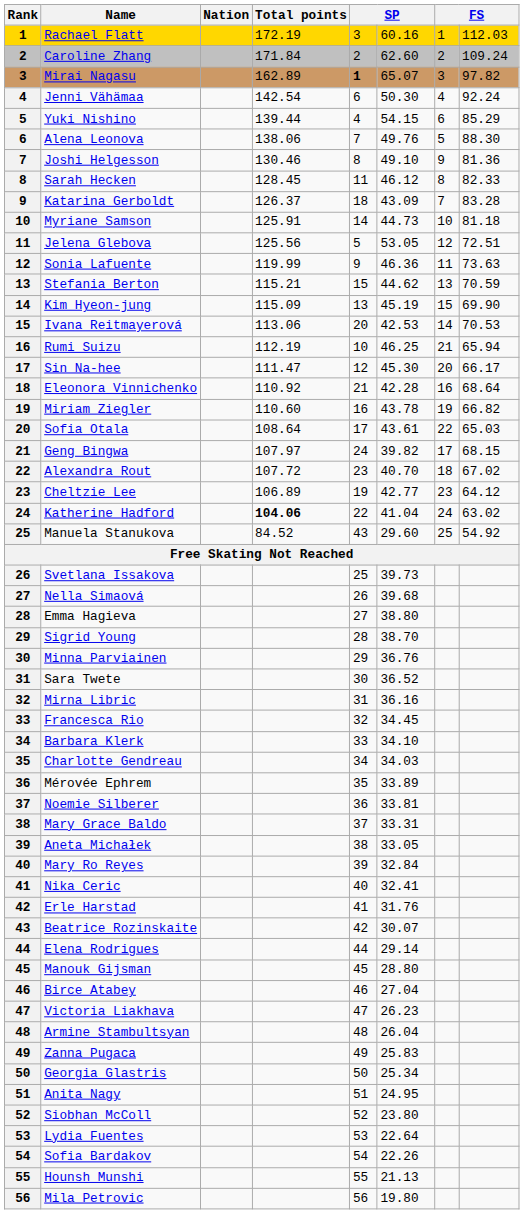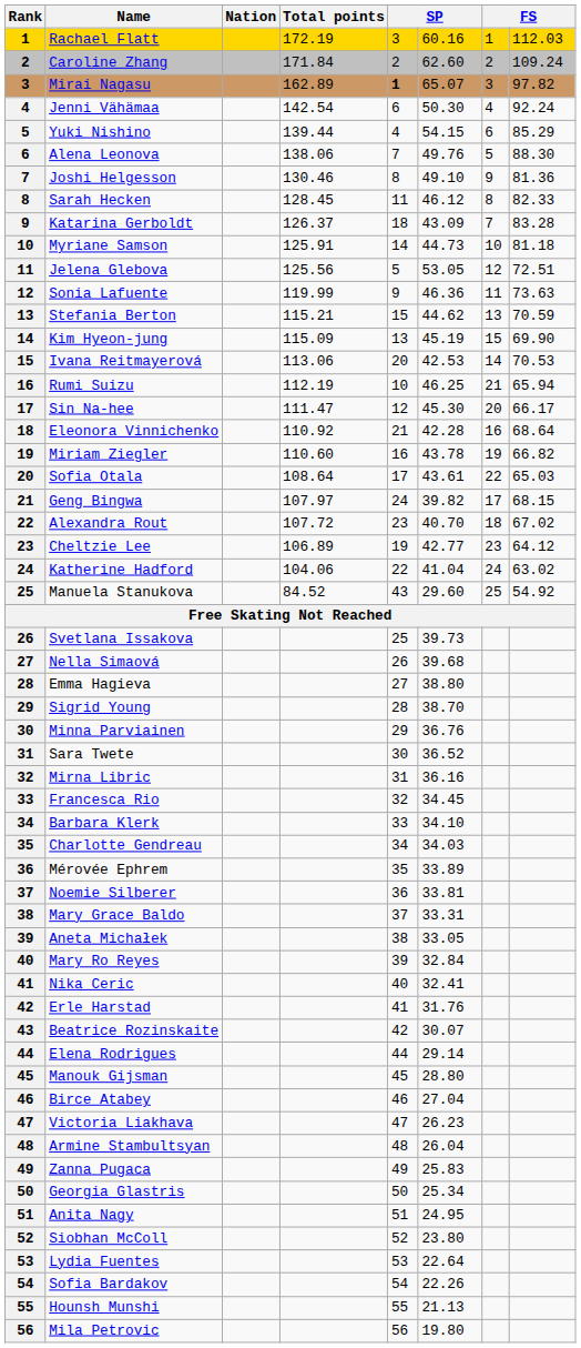 <table class="wikitable">
 <tr>
 <th>Rank</th>
 <th>Name</th>
 <th>Nation</th>
 <th>Total points</th>
 <th colspan="2" width="80px"><a href='#'>SP</a></th>
 <th colspan="2" width="80px"><a href='#'>FS</a></th>
 </tr>
 <tr bgcolor=gold>
 <td align=center><strong>1</strong></td>
 <td><a href='#'>Rachael Flatt</a></td>
 <td></td>
 <td>172.19</td>
 <td>3</td>
 <td>60.16</td>
 <td>1</td>
 <td>112.03</td>
 </tr>
 <tr bgcolor=silver>
 <td align=center><strong>2</strong></td>
 <td><a href='#'>Caroline Zhang</a></td>
 <td></td>
 <td>171.84</td>
 <td>2</td>
 <td>62.60</td>
 <td>2</td>
 <td>109.24</td>
 </tr>
 <tr bgcolor=cc9966>
 <td align=center><strong>3</strong></td>
 <td><a href='#'>Mirai Nagasu</a></td>
 <td></td>
 <td>162.89</td>
 <td><strong>1</strong></td>
 <td>65.07</td>
 <td>3</td>
 <td>97.82</td>
 </tr>
 <tr>
 <th>4</th>
 <td><a href='#'>Jenni Vähämaa</a></td>
 <td></td>
 <td>142.54</td>
 <td>6</td>
 <td>50.30</td>
 <td>4</td>
 <td>92.24</td>
 </tr>
 <tr>
 <th>5</th>
 <td><a href='#'>Yuki Nishino</a></td>
 <td></td>
 <td>139.44</td>
 <td>4</td>
 <td>54.15</td>
 <td>6</td>
 <td>85.29</td>
 </tr>
 <tr>
 <th>6</th>
 <td><a href='#'>Alena Leonova</a></td>
 <td></td>
 <td>138.06</td>
 <td>7</td>
 <td>49.76</td>
 <td>5</td>
 <td>88.30</td>
 </tr>
 <tr>
 <th>7</th>
 <td><a href='#'>Joshi Helgesson</a></td>
 <td></td>
 <td>130.46</td>
 <td>8</td>
 <td>49.10</td>
 <td>9</td>
 <td>81.36</td>
 </tr>
 <tr>
 <th>8</th>
 <td><a href='#'>Sarah Hecken</a></td>
 <td></td>
 <td>128.45</td>
 <td>11</td>
 <td>46.12</td>
 <td>8</td>
 <td>82.33</td>
 </tr>
 <tr>
 <th>9</th>
 <td><a href='#'>Katarina Gerboldt</a></td>
 <td></td>
 <td>126.37</td>
 <td>18</td>
 <td>43.09</td>
 <td>7</td>
 <td>83.28</td>
 </tr>
 <tr>
 <th>10</th>
 <td><a href='#'>Myriane Samson</a></td>
 <td></td>
 <td>125.91</td>
 <td>14</td>
 <td>44.73</td>
 <td>10</td>
 <td>81.18</td>
 </tr>
 <tr>
 <th>11</th>
 <td><a href='#'>Jelena Glebova</a></td>
 <td></td>
 <td>125.56</td>
 <td>5</td>
 <td>53.05</td>
 <td>12</td>
 <td>72.51</td>
 </tr>
 <tr>
 <th>12</th>
 <td><a href='#'>Sonia Lafuente</a></td>
 <td></td>
 <td>119.99</td>
 <td>9</td>
 <td>46.36</td>
 <td>11</td>
 <td>73.63</td>
 </tr>
 <tr>
 <th>13</th>
 <td><a href='#'>Stefania Berton</a></td>
 <td></td>
 <td>115.21</td>
 <td>15</td>
 <td>44.62</td>
 <td>13</td>
 <td>70.59</td>
 </tr>
 <tr>
 <th>14</th>
 <td><a href='#'>Kim Hyeon-jung</a></td>
 <td></td>
 <td>115.09</td>
 <td>13</td>
 <td>45.19</td>
 <td>15</td>
 <td>69.90</td>
 </tr>
 <tr>
 <th>15</th>
 <td><a href='#'>Ivana Reitmayerová</a></td>
 <td></td>
 <td>113.06</td>
 <td>20</td>
 <td>42.53</td>
 <td>14</td>
 <td>70.53</td>
 </tr>
 <tr>
 <th>16</th>
 <td><a href='#'>Rumi Suizu</a></td>
 <td></td>
 <td>112.19</td>
 <td>10</td>
 <td>46.25</td>
 <td>21</td>
 <td>65.94</td>
 </tr>
 <tr>
 <th>17</th>
 <td><a href='#'>Sin Na-hee</a></td>
 <td></td>
 <td>111.47</td>
 <td>12</td>
 <td>45.30</td>
 <td>20</td>
 <td>66.17</td>
 </tr>
 <tr>
 <th>18</th>
 <td><a href='#'>Eleonora Vinnichenko</a></td>
 <td></td>
 <td>110.92</td>
 <td>21</td>
 <td>42.28</td>
 <td>16</td>
 <td>68.64</td>
 </tr>
 <tr>
 <th>19</th>
 <td><a href='#'>Miriam Ziegler</a></td>
 <td></td>
 <td>110.60</td>
 <td>16</td>
 <td>43.78</td>
 <td>19</td>
 <td>66.82</td>
 </tr>
 <tr>
 <th>20</th>
 <td><a href='#'>Sofia Otala</a></td>
 <td></td>
 <td>108.64</td>
 <td>17</td>
 <td>43.61</td>
 <td>22</td>
 <td>65.03</td>
 </tr>
 <tr>
 <th>21</th>
 <td><a href='#'>Geng Bingwa</a></td>
 <td></td>
 <td>107.97</td>
 <td>24</td>
 <td>39.82</td>
 <td>17</td>
 <td>68.15</td>
 </tr>
 <tr>
 <th>22</th>
 <td><a href='#'>Alexandra Rout</a></td>
 <td></td>
 <td>107.72</td>
 <td>23</td>
 <td>40.70</td>
 <td>18</td>
 <td>67.02</td>
 </tr>
 <tr>
 <th>23</th>
 <td><a href='#'>Cheltzie Lee</a></td>
 <td></td>
 <td>106.89</td>
 <td>19</td>
 <td>42.77</td>
 <td>23</td>
 <td>64.12</td>
 </tr>
 <tr>
 <th>24</th>
 <td><a href='#'>Katherine Hadford</a></td>
 <td></td>
-<td><strong>104.06</strong></td>
+<td>104.06</td>
 <td>22</td>
 <td>41.04</td>
 <td>24</td>
 <td>63.02</td>
 </tr>
 <tr>
 <th>25</th>
 <td>Manuela Stanukova</td>
 <td></td>
 <td>84.52</td>
 <td>43</td>
 <td>29.60</td>
 <td>25</td>
 <td>54.92</td>
 </tr>
 <tr>
 <th colspan=8>Free Skating Not Reached</th>
 </tr>
 <tr>
 <th>26</th>
 <td><a href='#'>Svetlana Issakova</a></td>
 <td></td>
 <td></td>
 <td>25</td>
 <td>39.73</td>
 <td></td>
 <td></td>
 </tr>
 <tr>
 <th>27</th>
 <td><a href='#'>Nella Simaová</a></td>
 <td></td>
 <td></td>
 <td>26</td>
 <td>39.68</td>
 <td></td>
 <td></td>
 </tr>
 <tr>
 <th>28</th>
 <td>Emma Hagieva</td>
 <td></td>
 <td></td>
 <td>27</td>
 <td>38.80</td>
 <td></td>
 <td></td>
 </tr>
 <tr>
 <th>29</th>
 <td><a href='#'>Sigrid Young</a></td>
 <td></td>
 <td></td>
 <td>28</td>
 <td>38.70</td>
 <td></td>
 <td></td>
 </tr>
 <tr>
 <th>30</th>
 <td><a href='#'>Minna Parviainen</a></td>
 <td></td>
 <td></td>
 <td>29</td>
 <td>36.76</td>
 <td></td>
 <td></td>
 </tr>
 <tr>
 <th>31</th>
 <td>Sara Twete</td>
 <td></td>
 <td></td>
 <td>30</td>
 <td>36.52</td>
 <td></td>
 <td></td>
 </tr>
 <tr>
 <th>32</th>
 <td><a href='#'>Mirna Libric</a></td>
 <td></td>
 <td></td>
 <td>31</td>
 <td>36.16</td>
 <td></td>
 <td></td>
 </tr>
 <tr>
 <th>33</th>
 <td><a href='#'>Francesca Rio</a></td>
 <td></td>
 <td></td>
 <td>32</td>
 <td>34.45</td>
 <td></td>
 <td></td>
 </tr>
 <tr>
 <th>34</th>
 <td><a href='#'>Barbara Klerk</a></td>
 <td></td>
 <td></td>
 <td>33</td>
 <td>34.10</td>
 <td></td>
 <td></td>
 </tr>
 <tr>
 <th>35</th>
 <td><a href='#'>Charlotte Gendreau</a></td>
 <td></td>
 <td></td>
 <td>34</td>
 <td>34.03</td>
 <td></td>
 <td></td>
 </tr>
 <tr>
 <th>36</th>
 <td>Mérovée Ephrem</td>
 <td></td>
 <td></td>
 <td>35</td>
 <td>33.89</td>
 <td></td>
 <td></td>
 </tr>
 <tr>
 <th>37</th>
 <td><a href='#'>Noemie Silberer</a></td>
 <td></td>
 <td></td>
 <td>36</td>
 <td>33.81</td>
 <td></td>
 <td></td>
 </tr>
 <tr>
 <th>38</th>
 <td><a href='#'>Mary Grace Baldo</a></td>
 <td></td>
 <td></td>
 <td>37</td>
 <td>33.31</td>
 <td></td>
 <td></td>
 </tr>
 <tr>
 <th>39</th>
 <td><a href='#'>Aneta Michałek</a></td>
 <td></td>
 <td></td>
 <td>38</td>
 <td>33.05</td>
 <td></td>
 <td></td>
 </tr>
 <tr>
 <th>40</th>
 <td><a href='#'>Mary Ro Reyes</a></td>
 <td></td>
 <td></td>
 <td>39</td>
 <td>32.84</td>
 <td></td>
 <td></td>
 </tr>
 <tr>
 <th>41</th>
 <td><a href='#'>Nika Ceric</a></td>
 <td></td>
 <td></td>
 <td>40</td>
 <td>32.41</td>
 <td></td>
 <td></td>
 </tr>
 <tr>
 <th>42</th>
 <td><a href='#'>Erle Harstad</a></td>
 <td></td>
 <td></td>
 <td>41</td>
 <td>31.76</td>
 <td></td>
 <td></td>
 </tr>
 <tr>
 <th>43</th>
 <td><a href='#'>Beatrice Rozinskaite</a></td>
 <td></td>
 <td></td>
 <td>42</td>
 <td>30.07</td>
 <td></td>
 <td></td>
 </tr>
 <tr>
 <th>44</th>
 <td><a href='#'>Elena Rodrigues</a></td>
 <td></td>
 <td></td>
 <td>44</td>
 <td>29.14</td>
 <td></td>
 <td></td>
 </tr>
 <tr>
 <th>45</th>
 <td><a href='#'>Manouk Gijsman</a></td>
 <td></td>
 <td></td>
 <td>45</td>
 <td>28.80</td>
 <td></td>
 <td></td>
 </tr>
 <tr>
 <th>46</th>
 <td><a href='#'>Birce Atabey</a></td>
 <td></td>
 <td></td>
 <td>46</td>
 <td>27.04</td>
 <td></td>
 <td></td>
 </tr>
 <tr>
 <th>47</th>
 <td><a href='#'>Victoria Liakhava</a></td>
 <td></td>
 <td></td>
 <td>47</td>
 <td>26.23</td>
 <td></td>
 <td></td>
 </tr>
 <tr>
 <th>48</th>
 <td><a href='#'>Armine Stambultsyan</a></td>
 <td></td>
 <td></td>
 <td>48</td>
 <td>26.04</td>
 <td></td>
 <td></td>
 </tr>
 <tr>
 <th>49</th>
 <td><a href='#'>Zanna Pugaca</a></td>
 <td></td>
 <td></td>
 <td>49</td>
 <td>25.83</td>
 <td></td>
 <td></td>
 </tr>
 <tr>
 <th>50</th>
 <td><a href='#'>Georgia Glastris</a></td>
 <td></td>
 <td></td>
 <td>50</td>
 <td>25.34</td>
 <td></td>
 <td></td>
 </tr>
 <tr>
 <th>51</th>
 <td><a href='#'>Anita Nagy</a></td>
 <td></td>
 <td></td>
 <td>51</td>
 <td>24.95</td>
 <td></td>
 <td></td>
 </tr>
 <tr>
 <th>52</th>
 <td><a href='#'>Siobhan McColl</a></td>
 <td></td>
 <td></td>
 <td>52</td>
 <td>23.80</td>
 <td></td>
 <td></td>
 </tr>
 <tr>
 <th>53</th>
 <td><a href='#'>Lydia Fuentes</a></td>
 <td></td>
 <td></td>
 <td>53</td>
 <td>22.64</td>
 <td></td>
 <td></td>
 </tr>
 <tr>
 <th>54</th>
 <td><a href='#'>Sofia Bardakov</a></td>
 <td></td>
 <td></td>
 <td>54</td>
 <td>22.26</td>
 <td></td>
 <td></td>
 </tr>
 <tr>
 <th>55</th>
 <td><a href='#'>Hounsh Munshi</a></td>
 <td></td>
 <td></td>
 <td>55</td>
 <td>21.13</td>
 <td></td>
 <td></td>
 </tr>
 <tr>
 <th>56</th>
 <td><a href='#'>Mila Petrovic</a></td>
 <td></td>
 <td></td>
 <td>56</td>
 <td>19.80</td>
 <td></td>
 <td></td>
 </tr>
 </table>
